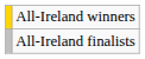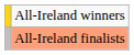 <table class="wikitable">
 <tr>
 <td style="background-color:#FFD700"></td>
 <td>All-Ireland winners</td>
 </tr>
 <tr>
 <td style="background-color:#C0C0C0"></td>
-<td>All-Ireland finalists</td>
+<td style="background: lightsalmon;">All-Ireland finalists</td>
 </tr>
 </table>
